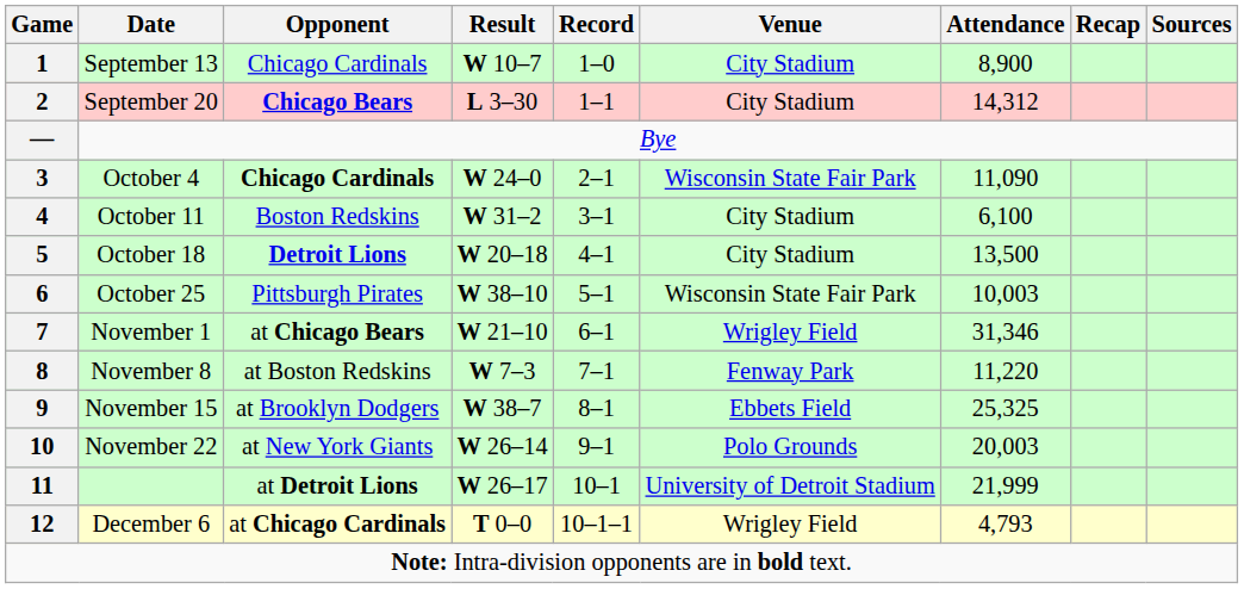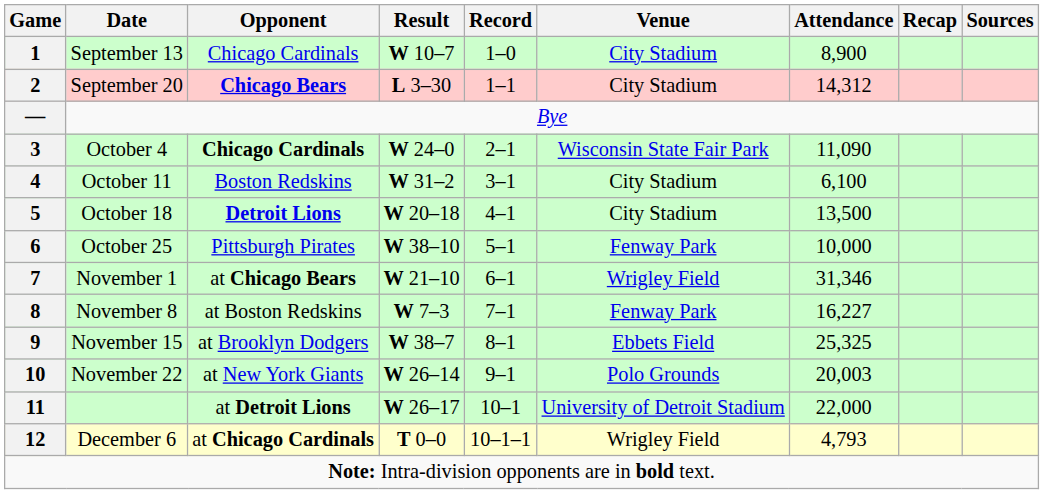 <table class="wikitable" style="text-align:center">
 <tr>
 <th>Game</th>
 <th>Date</th>
 <th>Opponent</th>
 <th>Result</th>
 <th>Record</th>
 <th>Venue</th>
 <th>Attendance</th>
 <th>Recap</th>
 <th>Sources</th>
 </tr>
 <tr style="background:#cfc">
 <th>1</th>
 <td>September 13</td>
 <td><a href='#'>Chicago Cardinals</a></td>
 <td><strong>W</strong> 10–7</td>
 <td>1–0</td>
 <td><a href='#'>City Stadium</a></td>
 <td>8,900</td>
 <td></td>
 <td></td>
 </tr>
 <tr style="background:#fcc">
 <th>2</th>
 <td>September 20</td>
 <td><strong><a href='#'>Chicago Bears</a></strong></td>
 <td><strong>L</strong> 3–30</td>
 <td>1–1</td>
 <td>City Stadium</td>
 <td>14,312</td>
 <td></td>
 <td></td>
 </tr>
 <tr>
 <th>—</th>
 <td colspan="8"><em><a href='#'>Bye</a></em></td>
 </tr>
 <tr style="background:#cfc">
 <th>3</th>
 <td>October 4</td>
 <td><strong>Chicago Cardinals</strong></td>
 <td><strong>W</strong> 24–0</td>
 <td>2–1</td>
 <td><a href='#'>Wisconsin State Fair Park</a></td>
 <td>11,090</td>
 <td></td>
 <td></td>
 </tr>
 <tr style="background:#cfc">
 <th>4</th>
 <td>October 11</td>
 <td><a href='#'>Boston Redskins</a></td>
 <td><strong>W</strong> 31–2</td>
 <td>3–1</td>
 <td>City Stadium</td>
 <td>6,100</td>
 <td></td>
 <td></td>
 </tr>
 <tr style="background:#cfc">
 <th>5</th>
 <td>October 18</td>
 <td><strong><a href='#'>Detroit Lions</a></strong></td>
 <td><strong>W</strong> 20–18</td>
 <td>4–1</td>
 <td>City Stadium</td>
 <td>13,500</td>
 <td></td>
 <td></td>
 </tr>
 <tr style="background:#cfc">
 <th>6</th>
 <td>October 25</td>
 <td><a href='#'>Pittsburgh Pirates</a></td>
 <td><strong>W</strong> 38–10</td>
 <td>5–1</td>
-<td>Wisconsin State Fair Park</td>
-<td>10,003</td>
+<td><a href='#'>Fenway Park</a></td>
+<td>10,000</td>
 <td></td>
 <td></td>
 </tr>
 <tr style="background:#cfc">
 <th>7</th>
 <td>November 1</td>
 <td>at <strong>Chicago Bears</strong></td>
 <td><strong>W</strong> 21–10</td>
 <td>6–1</td>
 <td><a href='#'>Wrigley Field</a></td>
 <td>31,346</td>
 <td></td>
 <td></td>
 </tr>
 <tr style="background:#cfc">
 <th>8</th>
 <td>November 8</td>
 <td>at Boston Redskins</td>
 <td><strong>W</strong> 7–3</td>
 <td>7–1</td>
 <td><a href='#'>Fenway Park</a></td>
-<td>11,220</td>
+<td>16,227</td>
 <td></td>
 <td></td>
 </tr>
 <tr style="background:#cfc">
 <th>9</th>
 <td>November 15</td>
 <td>at <a href='#'>Brooklyn Dodgers</a></td>
 <td><strong>W</strong> 38–7</td>
 <td>8–1</td>
 <td><a href='#'>Ebbets Field</a></td>
 <td>25,325</td>
 <td></td>
 <td></td>
 </tr>
 <tr style="background:#cfc">
 <th>10</th>
 <td>November 22</td>
 <td>at <a href='#'>New York Giants</a></td>
 <td><strong>W</strong> 26–14</td>
 <td>9–1</td>
 <td><a href='#'>Polo Grounds</a></td>
 <td>20,003</td>
 <td></td>
 <td></td>
 </tr>
 <tr style="background:#cfc">
 <th>11</th>
 <td></td>
 <td>at <strong>Detroit Lions</strong></td>
 <td><strong>W</strong> 26–17</td>
 <td>10–1</td>
 <td><a href='#'>University of Detroit Stadium</a></td>
-<td>21,999</td>
+<td>22,000</td>
 <td></td>
 <td></td>
 </tr>
 <tr style="background:#ffc">
 <th>12</th>
 <td>December 6</td>
 <td>at <strong>Chicago Cardinals</strong></td>
 <td><strong>T</strong> 0–0</td>
 <td>10–1–1</td>
 <td>Wrigley Field</td>
 <td>4,793</td>
 <td></td>
 <td></td>
 </tr>
 <tr>
 <td colspan="10"><strong>Note:</strong> Intra-division opponents are in <strong>bold</strong> text.</td>
 </tr>
 </table>
